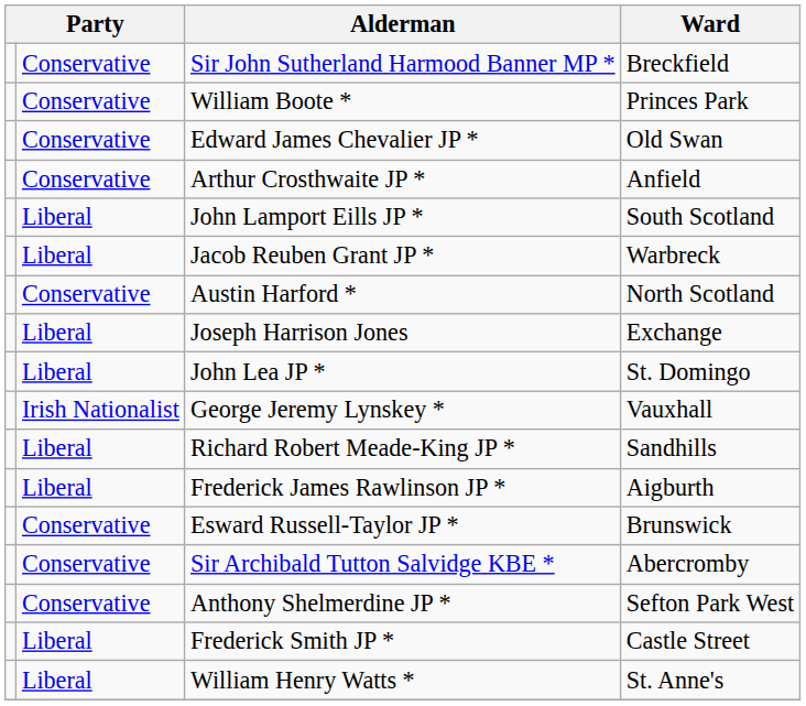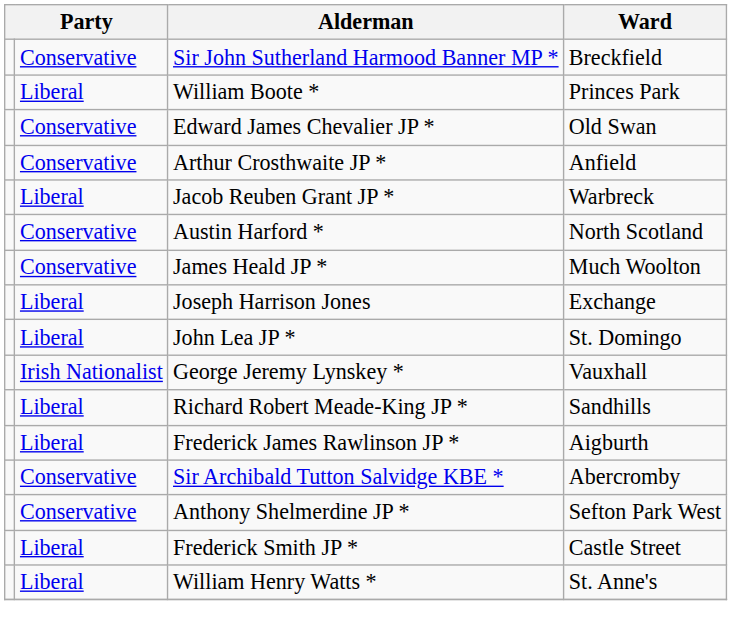 <table class="wikitable">
 <tr>
 <th colspan="2">Party</th>
 <th>Alderman</th>
 <th>Ward</th>
 </tr>
 <tr>
 <td style="background-color:"></td>
 <td><a href='#'>Conservative</a></td>
 <td><a href='#'>Sir John Sutherland Harmood Banner MP *</a></td>
 <td>Breckfield</td>
 </tr>
 <tr>
 <td style="background-color:"></td>
-<td><a href='#'>Conservative</a></td>
+<td><a href='#'>Liberal</a></td>
 <td>William Boote *</td>
 <td>Princes Park</td>
 </tr>
 <tr>
 <td style="background-color:"></td>
 <td><a href='#'>Conservative</a></td>
 <td>Edward James Chevalier JP *</td>
 <td>Old Swan</td>
 </tr>
 <tr>
 <td style="background-color:"></td>
 <td><a href='#'>Conservative</a></td>
 <td>Arthur Crosthwaite JP *</td>
 <td>Anfield</td>
 </tr>
 <tr>
 <td style="background-color:"></td>
 <td><a href='#'>Liberal</a></td>
-<td>John Lamport Eills JP *</td>
-<td>South Scotland</td>
-</tr>
-<tr>
-<td style="background-color:"></td>
-<td><a href='#'>Liberal</a></td>
 <td>Jacob Reuben Grant JP *</td>
 <td>Warbreck</td>
 </tr>
 <tr>
 <td style="background-color:"></td>
 <td><a href='#'>Conservative</a></td>
 <td>Austin Harford *</td>
 <td>North Scotland</td>
+</tr>
+<tr>
+<td style="background-color:"></td>
+<td><a href='#'>Conservative</a></td>
+<td>James Heald JP *</td>
+<td>Much Woolton</td>
 </tr>
 <tr>
 <td style="background-color:"></td>
 <td><a href='#'>Liberal</a></td>
 <td>Joseph Harrison Jones</td>
 <td>Exchange</td>
 </tr>
 <tr>
 <td style="background-color:"></td>
 <td><a href='#'>Liberal</a></td>
 <td>John Lea JP *</td>
 <td>St. Domingo</td>
 </tr>
 <tr>
 <td style="background-color:"></td>
 <td><a href='#'>Irish Nationalist</a></td>
 <td>George Jeremy Lynskey *</td>
 <td>Vauxhall</td>
 </tr>
 <tr>
 <td style="background-color:"></td>
 <td><a href='#'>Liberal</a></td>
 <td>Richard Robert Meade-King JP *</td>
 <td>Sandhills</td>
 </tr>
 <tr>
 <td style="background-color:"></td>
 <td><a href='#'>Liberal</a></td>
 <td>Frederick James Rawlinson JP *</td>
 <td>Aigburth</td>
 </tr>
 <tr>
 <td style="background-color:"></td>
 <td><a href='#'>Conservative</a></td>
-<td>Esward Russell-Taylor JP *</td>
-<td>Brunswick</td>
-</tr>
-<tr>
-<td style="background-color:"></td>
-<td><a href='#'>Conservative</a></td>
 <td><a href='#'>Sir Archibald Tutton Salvidge KBE *</a></td>
 <td>Abercromby</td>
 </tr>
 <tr>
 <td style="background-color:"></td>
 <td><a href='#'>Conservative</a></td>
 <td>Anthony Shelmerdine JP *</td>
 <td>Sefton Park West</td>
 </tr>
 <tr>
 <td style="background-color:"></td>
 <td><a href='#'>Liberal</a></td>
 <td>Frederick Smith JP *</td>
 <td>Castle Street</td>
 </tr>
 <tr>
 <td style="background-color:"></td>
 <td><a href='#'>Liberal</a></td>
 <td>William Henry Watts *</td>
 <td>St. Anne's</td>
 </tr>
 <tr>
 </tr>
 </table>
